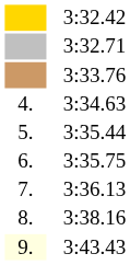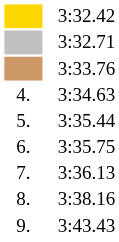 <table style="text-align:center">
 <tr>
 <td width=30 bgcolor=gold></td>
 <td align=left></td>
 <td width=60>3:32.42</td>
 </tr>
 <tr>
 <td bgcolor=silver></td>
 <td align=left></td>
 <td>3:32.71</td>
 </tr>
 <tr>
 <td bgcolor=cc9966></td>
 <td align=left></td>
 <td>3:33.76</td>
 </tr>
 <tr>
 <td>4.</td>
 <td align=left></td>
 <td>3:34.63</td>
 </tr>
 <tr>
 <td>5.</td>
 <td align=left></td>
 <td>3:35.44</td>
 </tr>
 <tr>
 <td>6.</td>
 <td align=left></td>
 <td>3:35.75</td>
 </tr>
 <tr>
 <td>7.</td>
 <td align=left></td>
 <td>3:36.13</td>
 </tr>
 <tr>
 <td>8.</td>
 <td align=left></td>
 <td>3:38.16</td>
 </tr>
 <tr>
-<td style="background: lightyellow;">9.</td>
+<td>9.</td>
 <td align=left></td>
 <td>3:43.43</td>
 </tr>
 </table>
